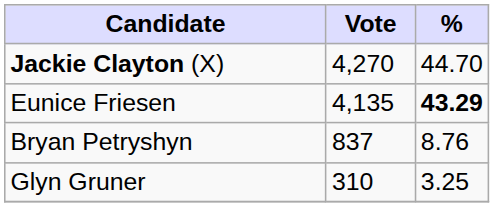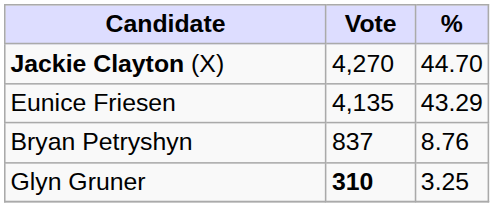 <table class="wikitable">
 <tr>
 <th style="background:#ddf; width:200px;">Candidate</th>
 <th style="background:#ddf; width:50px;">Vote</th>
 <th style="background:#ddf; width:30px;">%</th>
 </tr>
 <tr>
 <td><strong>Jackie Clayton</strong> (X)</td>
 <td>4,270</td>
 <td>44.70</td>
 </tr>
 <tr>
 <td>Eunice Friesen</td>
 <td>4,135</td>
-<td><strong>43.29</strong></td>
+<td>43.29</td>
 </tr>
 <tr>
 <td>Bryan Petryshyn</td>
 <td>837</td>
 <td>8.76</td>
 </tr>
 <tr>
 <td>Glyn Gruner</td>
-<td>310</td>
+<td><strong>310</strong></td>
 <td>3.25</td>
 </tr>
 <tr>
 </tr>
 </table>
